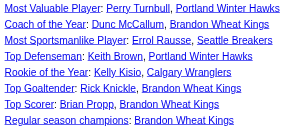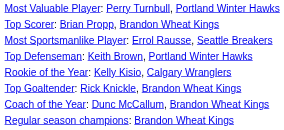 <table cellpadding="3" cellspacing="1">
 <tr>
 <td><a href='#'>Most Valuable Player</a>: <a href='#'>Perry Turnbull</a>, <a href='#'>Portland Winter Hawks</a></td>
 </tr>
 <tr>
-<td><a href='#'>Coach of the Year</a>: <a href='#'>Dunc McCallum</a>, <a href='#'>Brandon Wheat Kings</a></td>
+<td><a href='#'>Top Scorer</a>: <a href='#'>Brian Propp</a>, <a href='#'>Brandon Wheat Kings</a></td>
 </tr>
 <tr>
 <td><a href='#'>Most Sportsmanlike Player</a>: <a href='#'>Errol Rausse</a>, <a href='#'>Seattle Breakers</a></td>
 </tr>
 <tr>
 <td><a href='#'>Top Defenseman</a>: <a href='#'>Keith Brown</a>, <a href='#'>Portland Winter Hawks</a></td>
 </tr>
 <tr>
 <td><a href='#'>Rookie of the Year</a>: <a href='#'>Kelly Kisio</a>, <a href='#'>Calgary Wranglers</a></td>
 </tr>
 <tr>
 <td><a href='#'>Top Goaltender</a>: <a href='#'>Rick Knickle</a>, <a href='#'>Brandon Wheat Kings</a></td>
 </tr>
 <tr>
-<td><a href='#'>Top Scorer</a>: <a href='#'>Brian Propp</a>, <a href='#'>Brandon Wheat Kings</a></td>
+<td><a href='#'>Coach of the Year</a>: <a href='#'>Dunc McCallum</a>, <a href='#'>Brandon Wheat Kings</a></td>
 </tr>
 <tr>
 <td><a href='#'>Regular season champions</a>: <a href='#'>Brandon Wheat Kings</a></td>
 </tr>
 </table>
